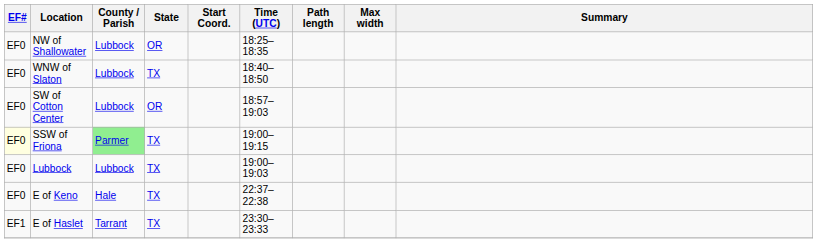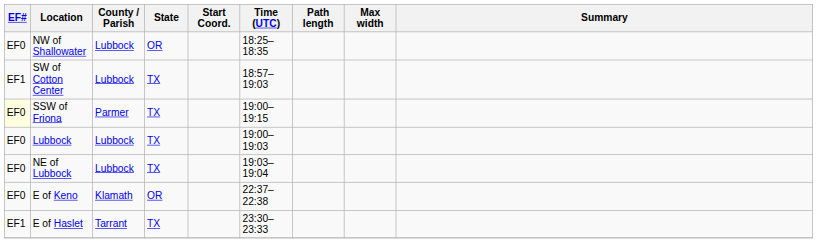 <table class="wikitable sortable" style="width:100%;">
 <tr>
 <th scope="col"  style="width:3%; text-align:center;"><a href='#'>EF#</a></th>
 <th scope="col"  style="width:7%; text-align:center;" class="unsortable">Location</th>
 <th scope="col"  style="width:6%; text-align:center;" class="unsortable">County / Parish</th>
 <th scope="col"  style="width:5%; text-align:center;">State</th>
 <th scope="col"  style="width:6%; text-align:center;">Start Coord.</th>
 <th scope="col"  style="width:6%; text-align:center;">Time (<a href='#'>UTC</a>)</th>
 <th scope="col"  style="width:6%; text-align:center;">Path length</th>
 <th scope="col"  style="width:6%; text-align:center;">Max width</th>
 <th scope="col" class="unsortable" style="width:48%; text-align:center;">Summary</th>
 </tr>
 <tr>
 <td>EF0</td>
 <td>NW of <a href='#'>Shallowater</a></td>
 <td><a href='#'>Lubbock</a></td>
 <td><a href='#'>OR</a></td>
 <td></td>
 <td>18:25–18:35</td>
 <td></td>
 <td></td>
 <td></td>
 </tr>
 <tr>
-<td>EF0</td>
-<td>WNW of <a href='#'>Slaton</a></td>
+<td>EF1</td>
+<td>SW of <a href='#'>Cotton Center</a></td>
 <td><a href='#'>Lubbock</a></td>
 <td><a href='#'>TX</a></td>
-<td></td>
-<td>18:40–18:50</td>
-<td></td>
-<td></td>
-<td></td>
-</tr>
-<tr>
-<td>EF0</td>
-<td>SW of <a href='#'>Cotton Center</a></td>
-<td><a href='#'>Lubbock</a></td>
-<td><a href='#'>OR</a></td>
 <td></td>
 <td>18:57–19:03</td>
 <td></td>
 <td></td>
 <td></td>
 </tr>
 <tr>
 <td style="background: lightyellow;">EF0</td>
 <td>SSW of <a href='#'>Friona</a></td>
-<td style="background: lightgreen;"><a href='#'>Parmer</a></td>
+<td><a href='#'>Parmer</a></td>
 <td><a href='#'>TX</a></td>
 <td></td>
 <td>19:00–19:15</td>
 <td></td>
 <td></td>
 <td></td>
 </tr>
 <tr>
 <td>EF0</td>
 <td><a href='#'>Lubbock</a></td>
 <td><a href='#'>Lubbock</a></td>
 <td><a href='#'>TX</a></td>
 <td></td>
 <td>19:00–19:03</td>
 <td></td>
 <td></td>
 <td></td>
 </tr>
 <tr>
 <td>EF0</td>
+<td>NE of <a href='#'>Lubbock</a></td>
+<td><a href='#'>Lubbock</a></td>
+<td><a href='#'>TX</a></td>
+<td></td>
+<td>19:03–19:04</td>
+<td></td>
+<td></td>
+<td></td>
+</tr>
+<tr>
+<td>EF0</td>
 <td>E of <a href='#'>Keno</a></td>
-<td><a href='#'>Hale</a></td>
-<td><a href='#'>TX</a></td>
+<td><a href='#'>Klamath</a></td>
+<td><a href='#'>OR</a></td>
 <td></td>
 <td>22:37–22:38</td>
 <td></td>
 <td></td>
 <td></td>
 </tr>
 <tr>
 <td>EF1</td>
 <td>E of <a href='#'>Haslet</a></td>
 <td><a href='#'>Tarrant</a></td>
 <td><a href='#'>TX</a></td>
 <td></td>
 <td>23:30–23:33</td>
 <td></td>
 <td></td>
 <td></td>
 </tr>
 <tr>
 </tr>
 </table>
